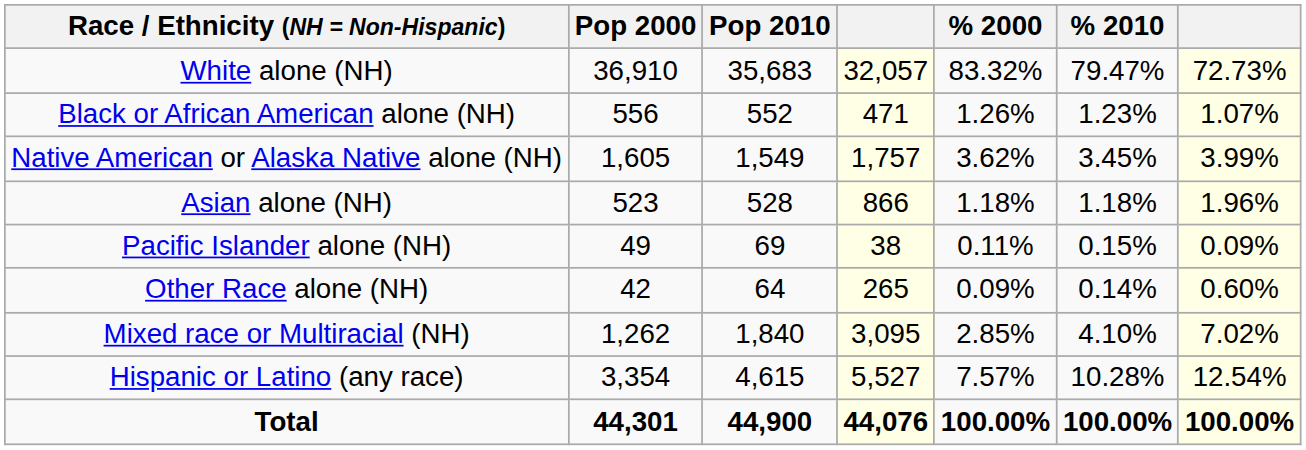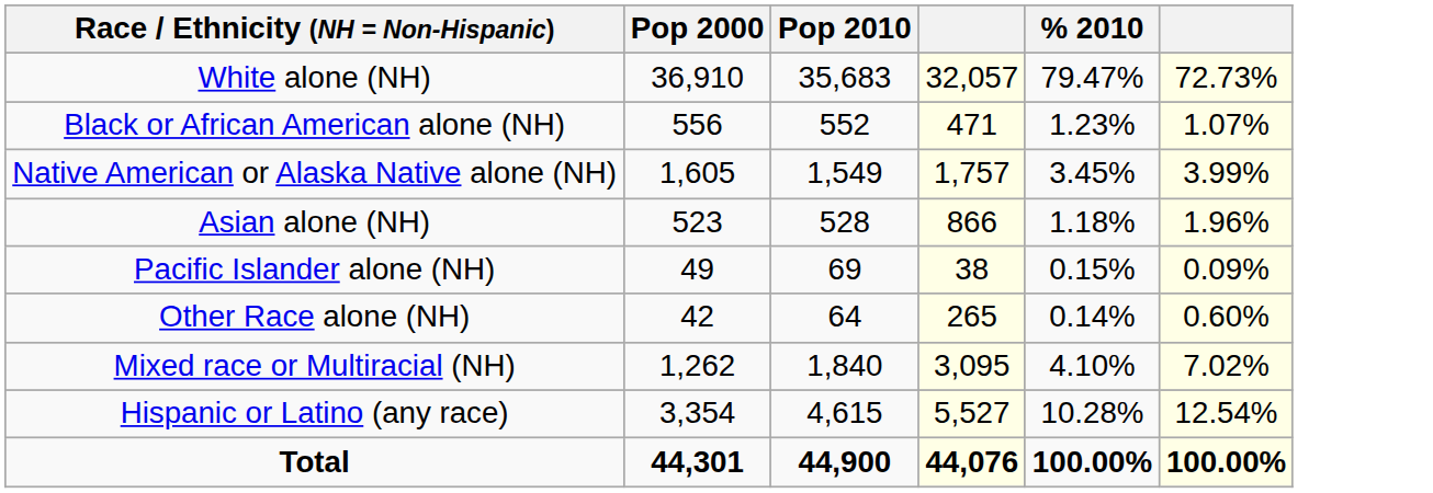 <table class="wikitable" style="text-align:center;">
 <tr>
 <th>Race / Ethnicity <small>(<em>NH = Non-Hispanic</em>)</small></th>
 <th>Pop 2000</th>
 <th>Pop 2010</th>
 <th></th>
-<th>% 2000</th>
 <th>% 2010</th>
 <th></th>
 </tr>
 <tr>
 <td><a href='#'>White</a> alone (NH)</td>
 <td>36,910</td>
 <td>35,683</td>
 <td style='background: #ffffe6;'>32,057</td>
-<td>83.32%</td>
 <td>79.47%</td>
 <td style='background: #ffffe6;'>72.73%</td>
 </tr>
 <tr>
 <td><a href='#'>Black or African American</a> alone (NH)</td>
 <td>556</td>
 <td>552</td>
 <td style='background: #ffffe6;'>471</td>
-<td>1.26%</td>
 <td>1.23%</td>
 <td style='background: #ffffe6;'>1.07%</td>
 </tr>
 <tr>
 <td><a href='#'>Native American</a> or <a href='#'>Alaska Native</a> alone (NH)</td>
 <td>1,605</td>
 <td>1,549</td>
 <td style='background: #ffffe6;'>1,757</td>
-<td>3.62%</td>
 <td>3.45%</td>
 <td style='background: #ffffe6;'>3.99%</td>
 </tr>
 <tr>
 <td><a href='#'>Asian</a> alone (NH)</td>
 <td>523</td>
 <td>528</td>
 <td style='background: #ffffe6;'>866</td>
 <td>1.18%</td>
-<td>1.18%</td>
 <td style='background: #ffffe6;'>1.96%</td>
 </tr>
 <tr>
 <td><a href='#'>Pacific Islander</a> alone (NH)</td>
 <td>49</td>
 <td>69</td>
 <td style='background: #ffffe6;'>38</td>
-<td>0.11%</td>
 <td>0.15%</td>
 <td style='background: #ffffe6;'>0.09%</td>
 </tr>
 <tr>
 <td><a href='#'>Other Race</a> alone (NH)</td>
 <td>42</td>
 <td>64</td>
 <td style='background: #ffffe6;'>265</td>
-<td>0.09%</td>
 <td>0.14%</td>
 <td style='background: #ffffe6;'>0.60%</td>
 </tr>
 <tr>
 <td><a href='#'>Mixed race or Multiracial</a> (NH)</td>
 <td>1,262</td>
 <td>1,840</td>
 <td style='background: #ffffe6;'>3,095</td>
-<td>2.85%</td>
 <td>4.10%</td>
 <td style='background: #ffffe6;'>7.02%</td>
 </tr>
 <tr>
 <td><a href='#'>Hispanic or Latino</a> (any race)</td>
 <td>3,354</td>
 <td>4,615</td>
 <td style='background: #ffffe6;'>5,527</td>
-<td>7.57%</td>
 <td>10.28%</td>
 <td style='background: #ffffe6;'>12.54%</td>
 </tr>
 <tr>
 <td><strong>Total</strong></td>
 <td><strong>44,301</strong></td>
 <td><strong>44,900</strong></td>
 <td style='background: #ffffe6;'><strong>44,076</strong></td>
 <td><strong>100.00%</strong></td>
-<td><strong>100.00%</strong></td>
 <td style='background: #ffffe6;'><strong>100.00%</strong></td>
 </tr>
 </table>
